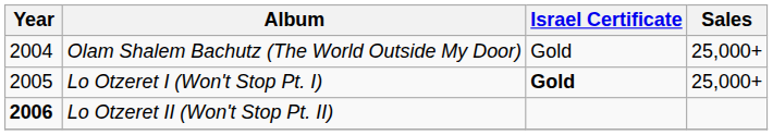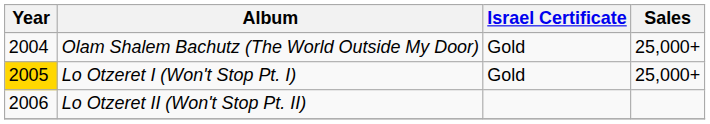 <table class="wikitable">
 <tr>
 <th align="left" valign="top" width="40">Year</th>
 <th align="left" valign="top">Album</th>
 <th align="left" valign="top"><a href='#'>Israel Certificate</a></th>
 <th align="left" valign="top">Sales</th>
 </tr>
 <tr>
 <td align="left" valign="top">2004</td>
 <td align="left" valign="top"><em>Olam Shalem Bachutz (The World Outside My Door)</em></td>
 <td align="left" valign="top">Gold</td>
 <td align="left" valign="top">25,000+</td>
 </tr>
 <tr>
-<td align="left" valign="top">2005</td>
+<td align="left" valign="top" style="background: gold;">2005</td>
 <td align="left" valign="top"><em>Lo Otzeret I (Won't Stop Pt. I)</em></td>
-<td align="left" valign="top"><strong>Gold</strong></td>
+<td align="left" valign="top">Gold</td>
 <td align="left" valign="top">25,000+</td>
 </tr>
 <tr>
-<td align="left" valign="top"><strong>2006</strong></td>
+<td align="left" valign="top">2006</td>
 <td align="left" valign="top"><em>Lo Otzeret II (Won't Stop Pt. II)</em></td>
 <td align="left" valign="top"></td>
 <td align="left" valign="top"></td>
 </tr>
 <tr>
 </tr>
 </table>
